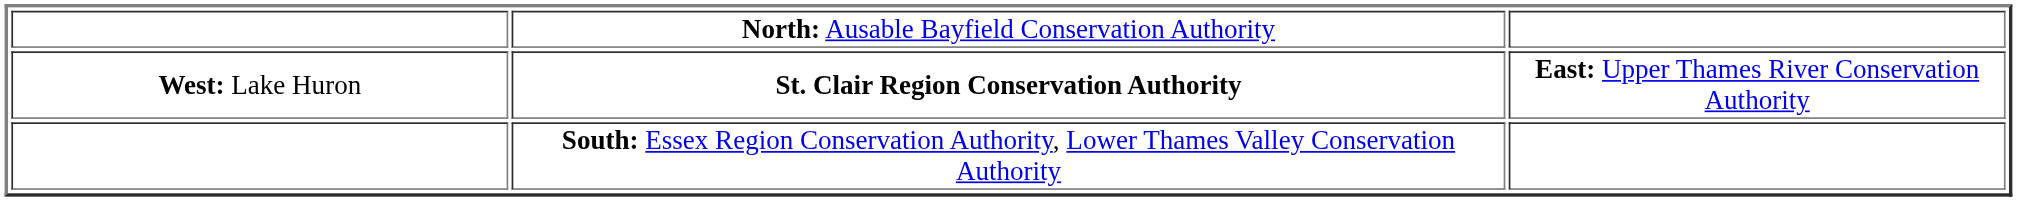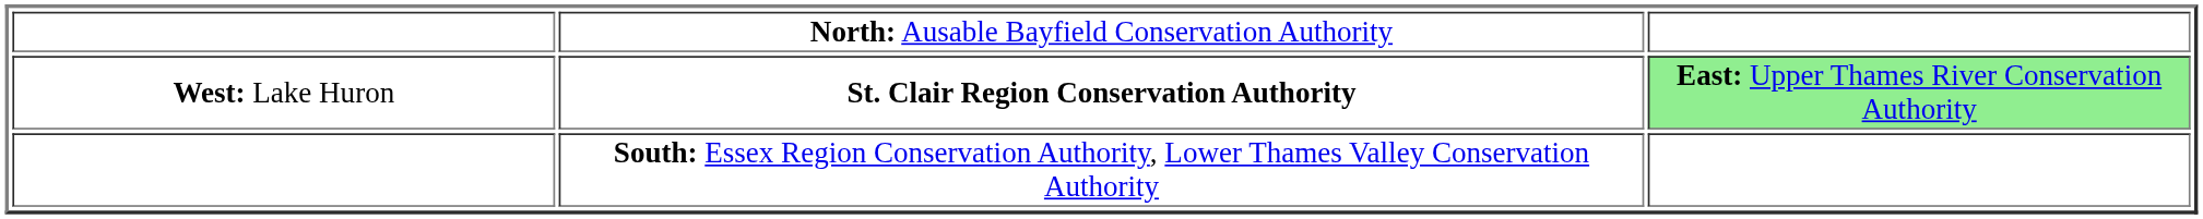 <table width="75%" border="2" align="center">
 <tr ---->
 <td width="25%" align="center"></td>
 <td width="50%" align="center"><strong>North:</strong> <a href='#'>Ausable Bayfield Conservation Authority</a></td>
 <td width="25%" align="center"></td>
 </tr>
 <tr ---->
 <td align="center"><strong>West:</strong> Lake Huron</td>
 <td align="center"><strong>St. Clair Region Conservation Authority</strong></td>
-<td align="center"><strong>East:</strong> <a href='#'>Upper Thames River Conservation Authority</a></td>
+<td align="center" style="background: lightgreen;"><strong>East:</strong> <a href='#'>Upper Thames River Conservation Authority</a></td>
 </tr>
 <tr ---->
 <td align="center"></td>
 <td align="center"><strong>South:</strong> <a href='#'>Essex Region Conservation Authority</a>, <a href='#'>Lower Thames Valley Conservation Authority</a></td>
 <td align="center"></td>
 </tr>
 </table>
